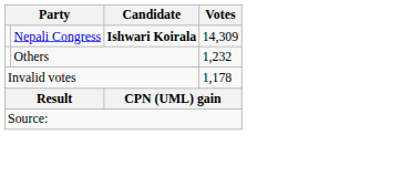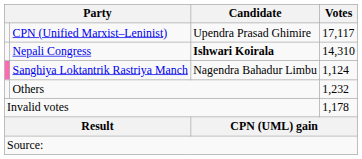 <table class="wikitable">
 <tr>
 <th colspan="2">Party</th>
 <th>Candidate</th>
 <th>Votes</th>
 </tr>
 <tr>
 <td style="background-color:"></td>
+<td><a href='#'>CPN (Unified Marxist–Leninist)</a></td>
+<td>Upendra Prasad Ghimire</td>
+<td>17,117</td>
+</tr>
+<tr>
+<td style="background-color:"></td>
 <td><a href='#'>Nepali Congress</a></td>
 <td><strong>Ishwari Koirala</strong></td>
-<td>14,309</td>
+<td>14,310</td>
+</tr>
+<tr>
+<td style="background-color:hotpink"></td>
+<td><a href='#'>Sanghiya Loktantrik Rastriya Manch</a></td>
+<td>Nagendra Bahadur Limbu</td>
+<td>1,124</td>
 </tr>
 <tr>
 <td></td>
 <td colspan="2">Others</td>
 <td>1,232</td>
 </tr>
 <tr>
 <td colspan="3">Invalid votes</td>
 <td>1,178</td>
 </tr>
 <tr>
 <th colspan="2">Result</th>
 <th colspan="2">CPN (UML) gain</th>
 </tr>
 <tr>
 <td colspan="4">Source: </td>
 </tr>
 </table>
